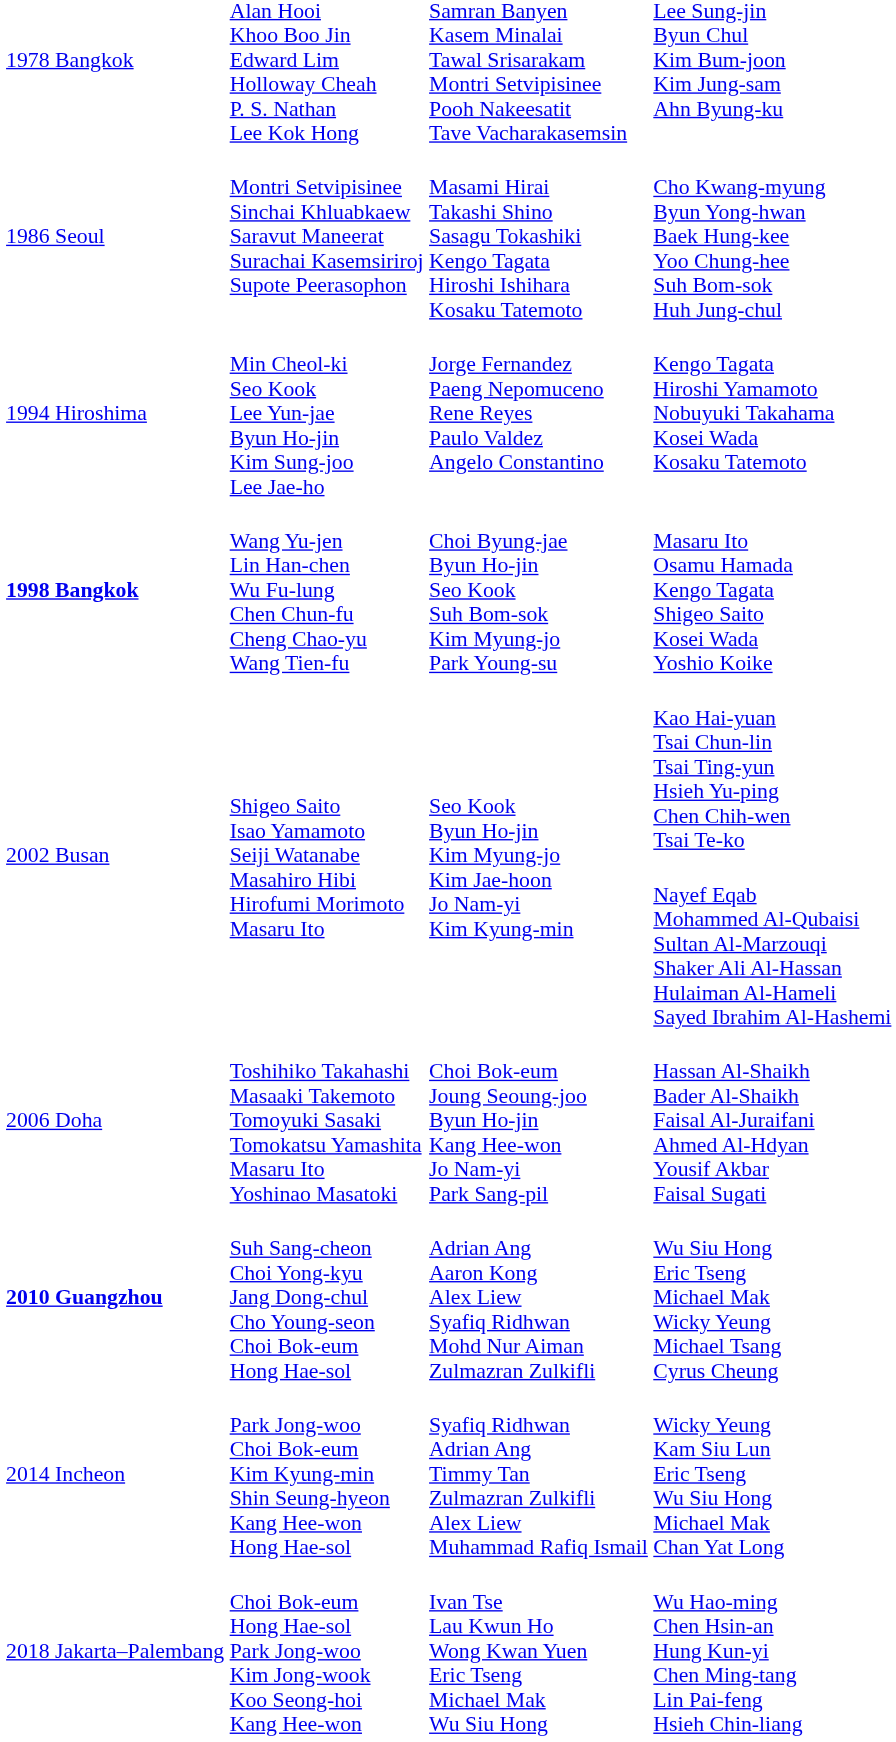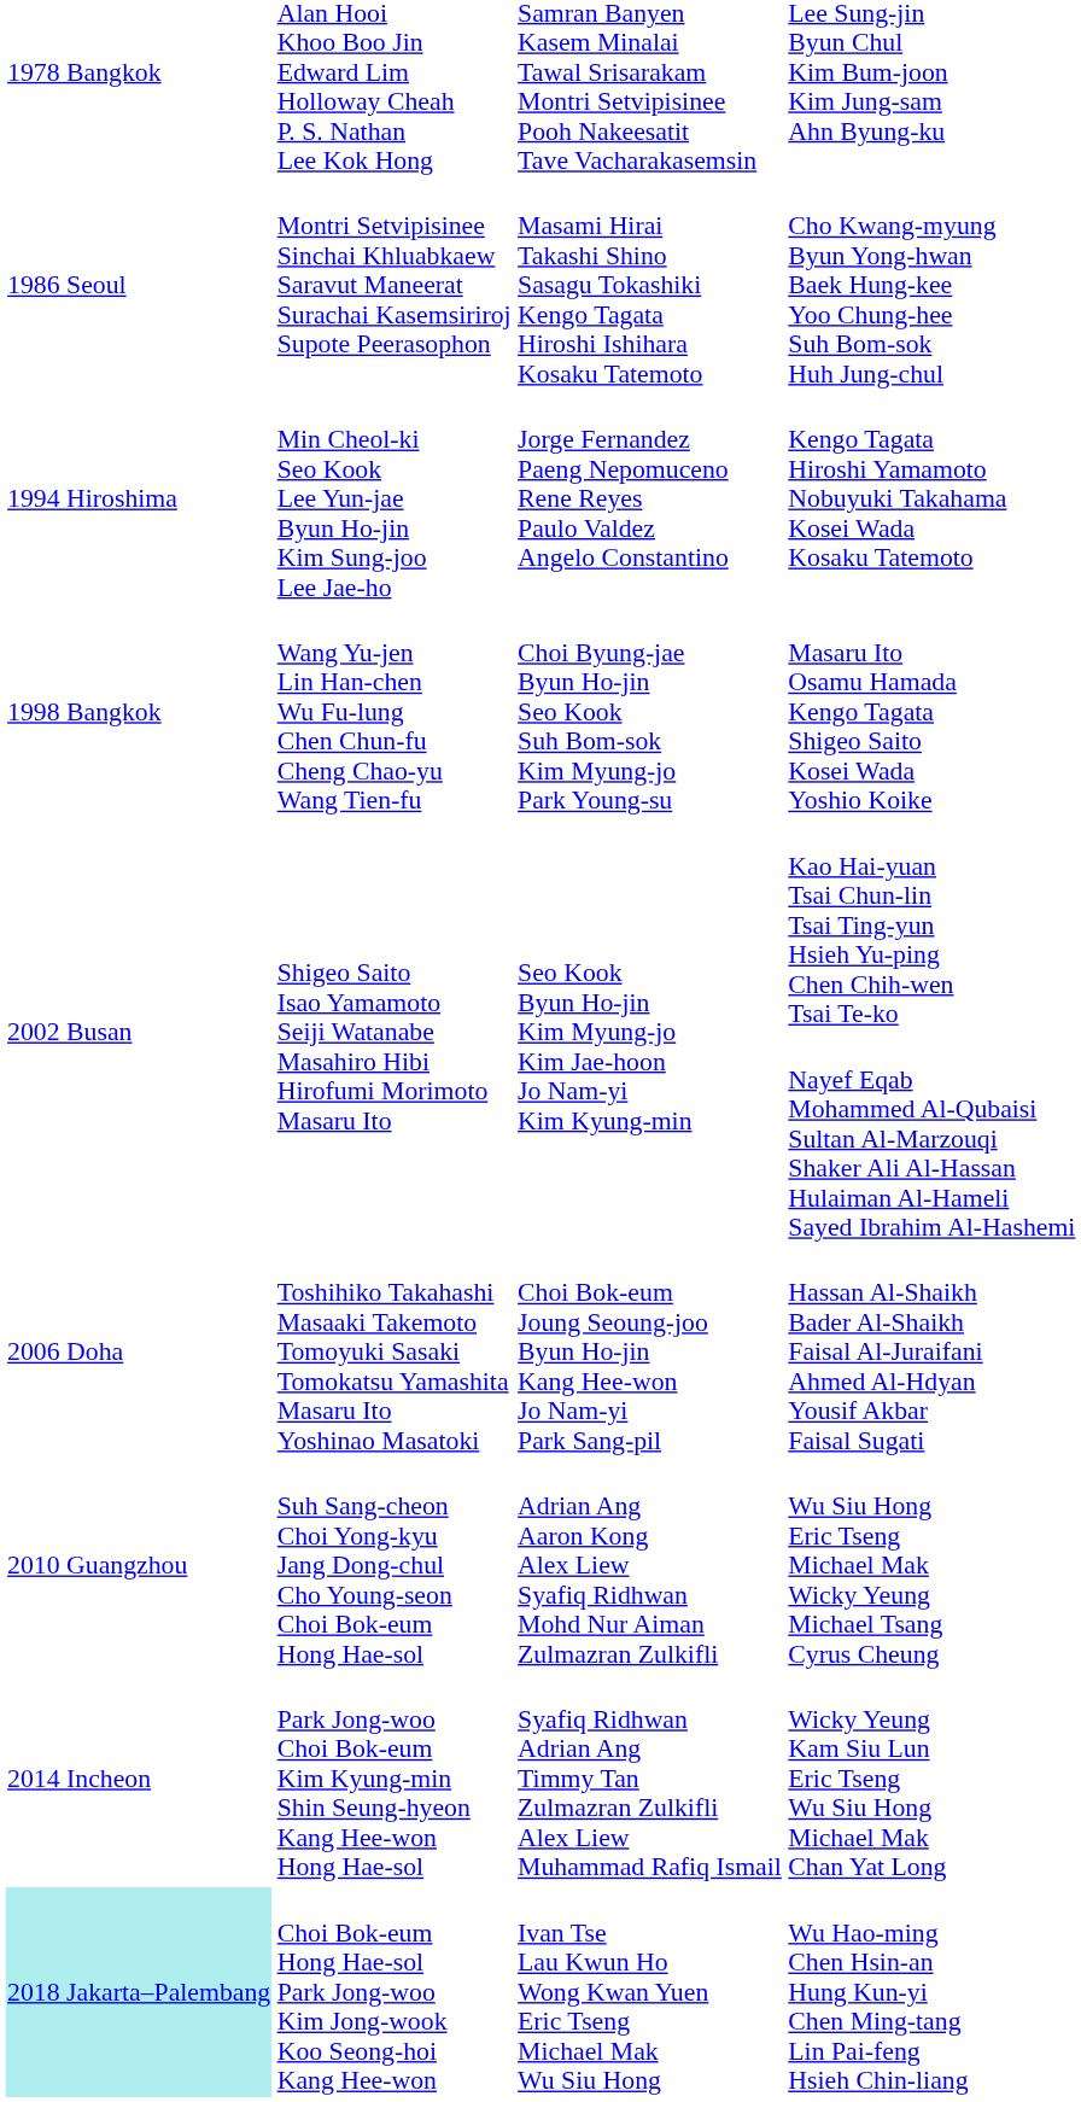 <table>
 <tr>
 <td><a href='#'>1978 Bangkok</a></td>
 <td><br><a href='#'>Alan Hooi</a><br><a href='#'>Khoo Boo Jin</a><br><a href='#'>Edward Lim</a><br><a href='#'>Holloway Cheah</a><br><a href='#'>P. S. Nathan</a><br><a href='#'>Lee Kok Hong</a></td>
 <td><br><a href='#'>Samran Banyen</a><br><a href='#'>Kasem Minalai</a><br><a href='#'>Tawal Srisarakam</a><br><a href='#'>Montri Setvipisinee</a><br><a href='#'>Pooh Nakeesatit</a><br><a href='#'>Tave Vacharakasemsin</a></td>
 <td valign=top><br><a href='#'>Lee Sung-jin</a><br><a href='#'>Byun Chul</a><br><a href='#'>Kim Bum-joon</a><br><a href='#'>Kim Jung-sam</a><br><a href='#'>Ahn Byung-ku</a></td>
 </tr>
 <tr>
 <td><a href='#'>1986 Seoul</a></td>
 <td valign=top><br><a href='#'>Montri Setvipisinee</a><br><a href='#'>Sinchai Khluabkaew</a><br><a href='#'>Saravut Maneerat</a><br><a href='#'>Surachai Kasemsiriroj</a><br><a href='#'>Supote Peerasophon</a></td>
 <td><br><a href='#'>Masami Hirai</a><br><a href='#'>Takashi Shino</a><br><a href='#'>Sasagu Tokashiki</a><br><a href='#'>Kengo Tagata</a><br><a href='#'>Hiroshi Ishihara</a><br><a href='#'>Kosaku Tatemoto</a></td>
 <td><br><a href='#'>Cho Kwang-myung</a><br><a href='#'>Byun Yong-hwan</a><br><a href='#'>Baek Hung-kee</a><br><a href='#'>Yoo Chung-hee</a><br><a href='#'>Suh Bom-sok</a><br><a href='#'>Huh Jung-chul</a></td>
 </tr>
 <tr>
 <td><a href='#'>1994 Hiroshima</a></td>
 <td><br><a href='#'>Min Cheol-ki</a><br><a href='#'>Seo Kook</a><br><a href='#'>Lee Yun-jae</a><br><a href='#'>Byun Ho-jin</a><br><a href='#'>Kim Sung-joo</a><br><a href='#'>Lee Jae-ho</a></td>
 <td valign=top><br><a href='#'>Jorge Fernandez</a><br><a href='#'>Paeng Nepomuceno</a><br><a href='#'>Rene Reyes</a><br><a href='#'>Paulo Valdez</a><br><a href='#'>Angelo Constantino</a></td>
 <td valign=top><br><a href='#'>Kengo Tagata</a><br><a href='#'>Hiroshi Yamamoto</a><br><a href='#'>Nobuyuki Takahama</a><br><a href='#'>Kosei Wada</a><br><a href='#'>Kosaku Tatemoto</a></td>
 </tr>
 <tr>
-<td><strong><a href='#'>1998 Bangkok</a></strong></td>
+<td><a href='#'>1998 Bangkok</a></td>
 <td><br><a href='#'>Wang Yu-jen</a><br><a href='#'>Lin Han-chen</a><br><a href='#'>Wu Fu-lung</a><br><a href='#'>Chen Chun-fu</a><br><a href='#'>Cheng Chao-yu</a><br><a href='#'>Wang Tien-fu</a></td>
 <td><br><a href='#'>Choi Byung-jae</a><br><a href='#'>Byun Ho-jin</a><br><a href='#'>Seo Kook</a><br><a href='#'>Suh Bom-sok</a><br><a href='#'>Kim Myung-jo</a><br><a href='#'>Park Young-su</a></td>
 <td><br><a href='#'>Masaru Ito</a><br><a href='#'>Osamu Hamada</a><br><a href='#'>Kengo Tagata</a><br><a href='#'>Shigeo Saito</a><br><a href='#'>Kosei Wada</a><br><a href='#'>Yoshio Koike</a></td>
 </tr>
 <tr>
 <td rowspan=2><a href='#'>2002 Busan</a></td>
 <td rowspan=2><br><a href='#'>Shigeo Saito</a><br><a href='#'>Isao Yamamoto</a><br><a href='#'>Seiji Watanabe</a><br><a href='#'>Masahiro Hibi</a><br><a href='#'>Hirofumi Morimoto</a><br><a href='#'>Masaru Ito</a></td>
 <td rowspan=2><br><a href='#'>Seo Kook</a><br><a href='#'>Byun Ho-jin</a><br><a href='#'>Kim Myung-jo</a><br><a href='#'>Kim Jae-hoon</a><br><a href='#'>Jo Nam-yi</a><br><a href='#'>Kim Kyung-min</a></td>
 <td><br><a href='#'>Kao Hai-yuan</a><br><a href='#'>Tsai Chun-lin</a><br><a href='#'>Tsai Ting-yun</a><br><a href='#'>Hsieh Yu-ping</a><br><a href='#'>Chen Chih-wen</a><br><a href='#'>Tsai Te-ko</a></td>
 </tr>
 <tr>
 <td><br><a href='#'>Nayef Eqab</a><br><a href='#'>Mohammed Al-Qubaisi</a><br><a href='#'>Sultan Al-Marzouqi</a><br><a href='#'>Shaker Ali Al-Hassan</a><br><a href='#'>Hulaiman Al-Hameli</a><br><a href='#'>Sayed Ibrahim Al-Hashemi</a></td>
 </tr>
 <tr>
 <td><a href='#'>2006 Doha</a></td>
 <td><br><a href='#'>Toshihiko Takahashi</a><br><a href='#'>Masaaki Takemoto</a><br><a href='#'>Tomoyuki Sasaki</a><br><a href='#'>Tomokatsu Yamashita</a><br><a href='#'>Masaru Ito</a><br><a href='#'>Yoshinao Masatoki</a></td>
 <td><br><a href='#'>Choi Bok-eum</a><br><a href='#'>Joung Seoung-joo</a><br><a href='#'>Byun Ho-jin</a><br><a href='#'>Kang Hee-won</a><br><a href='#'>Jo Nam-yi</a><br><a href='#'>Park Sang-pil</a></td>
 <td><br><a href='#'>Hassan Al-Shaikh</a><br><a href='#'>Bader Al-Shaikh</a><br><a href='#'>Faisal Al-Juraifani</a><br><a href='#'>Ahmed Al-Hdyan</a><br><a href='#'>Yousif Akbar</a><br><a href='#'>Faisal Sugati</a></td>
 </tr>
 <tr>
-<td><strong><a href='#'>2010 Guangzhou</a></strong></td>
+<td><a href='#'>2010 Guangzhou</a></td>
 <td><br><a href='#'>Suh Sang-cheon</a><br><a href='#'>Choi Yong-kyu</a><br><a href='#'>Jang Dong-chul</a><br><a href='#'>Cho Young-seon</a><br><a href='#'>Choi Bok-eum</a><br><a href='#'>Hong Hae-sol</a></td>
 <td><br><a href='#'>Adrian Ang</a><br><a href='#'>Aaron Kong</a><br><a href='#'>Alex Liew</a><br><a href='#'>Syafiq Ridhwan</a><br><a href='#'>Mohd Nur Aiman</a><br><a href='#'>Zulmazran Zulkifli</a></td>
 <td><br><a href='#'>Wu Siu Hong</a><br><a href='#'>Eric Tseng</a><br><a href='#'>Michael Mak</a><br><a href='#'>Wicky Yeung</a><br><a href='#'>Michael Tsang</a><br><a href='#'>Cyrus Cheung</a></td>
 </tr>
 <tr>
 <td><a href='#'>2014 Incheon</a></td>
 <td><br><a href='#'>Park Jong-woo</a><br><a href='#'>Choi Bok-eum</a><br><a href='#'>Kim Kyung-min</a><br><a href='#'>Shin Seung-hyeon</a><br><a href='#'>Kang Hee-won</a><br><a href='#'>Hong Hae-sol</a></td>
 <td><br><a href='#'>Syafiq Ridhwan</a><br><a href='#'>Adrian Ang</a><br><a href='#'>Timmy Tan</a><br><a href='#'>Zulmazran Zulkifli</a><br><a href='#'>Alex Liew</a><br><a href='#'>Muhammad Rafiq Ismail</a></td>
 <td><br><a href='#'>Wicky Yeung</a><br><a href='#'>Kam Siu Lun</a><br><a href='#'>Eric Tseng</a><br><a href='#'>Wu Siu Hong</a><br><a href='#'>Michael Mak</a><br><a href='#'>Chan Yat Long</a></td>
 </tr>
 <tr>
-<td><a href='#'>2018 Jakarta–Palembang</a></td>
+<td style="background: paleturquoise;"><a href='#'>2018 Jakarta–Palembang</a></td>
 <td><br><a href='#'>Choi Bok-eum</a><br><a href='#'>Hong Hae-sol</a><br><a href='#'>Park Jong-woo</a><br><a href='#'>Kim Jong-wook</a><br><a href='#'>Koo Seong-hoi</a><br><a href='#'>Kang Hee-won</a></td>
 <td><br><a href='#'>Ivan Tse</a><br><a href='#'>Lau Kwun Ho</a><br><a href='#'>Wong Kwan Yuen</a><br><a href='#'>Eric Tseng</a><br><a href='#'>Michael Mak</a><br><a href='#'>Wu Siu Hong</a></td>
 <td><br><a href='#'>Wu Hao-ming</a><br><a href='#'>Chen Hsin-an</a><br><a href='#'>Hung Kun-yi</a><br><a href='#'>Chen Ming-tang</a><br><a href='#'>Lin Pai-feng</a><br><a href='#'>Hsieh Chin-liang</a></td>
 </tr>
 </table>
